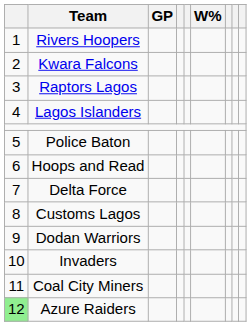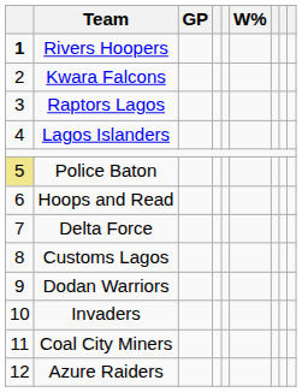 <table class="wikitable" style="text-align:center;">
 <tr>
 <th></th>
 <th>Team</th>
 <th>GP</th>
 <th></th>
 <th></th>
 <th>W%</th>
 <th></th>
 <th></th>
 <th></th>
 </tr>
 <tr>
-<td>1</td>
+<td><strong>1</strong></td>
 <td><a href='#'>Rivers Hoopers</a></td>
 <td></td>
 <td></td>
 <td></td>
 <td></td>
 <td></td>
 <td></td>
 <td></td>
 </tr>
 <tr>
 <td>2</td>
 <td><a href='#'>Kwara Falcons</a></td>
 <td></td>
 <td></td>
 <td></td>
 <td></td>
 <td></td>
 <td></td>
 <td></td>
 </tr>
 <tr>
 <td>3</td>
 <td><a href='#'>Raptors Lagos</a></td>
 <td></td>
 <td></td>
 <td></td>
 <td></td>
 <td></td>
 <td></td>
 <td></td>
 </tr>
 <tr>
 <td>4</td>
 <td><a href='#'>Lagos Islanders</a></td>
 <td></td>
 <td></td>
 <td></td>
 <td></td>
 <td></td>
 <td></td>
 <td></td>
 </tr>
 <tr>
 <td colspan="9"></td>
 </tr>
 <tr>
-<td>5</td>
+<td style="background: khaki;">5</td>
 <td>Police Baton</td>
 <td></td>
 <td></td>
 <td></td>
 <td></td>
 <td></td>
 <td></td>
 <td></td>
 </tr>
 <tr>
 <td>6</td>
 <td>Hoops and Read</td>
 <td></td>
 <td></td>
 <td></td>
 <td></td>
 <td></td>
 <td></td>
 <td></td>
 </tr>
 <tr>
 <td>7</td>
 <td>Delta Force</td>
 <td></td>
 <td></td>
 <td></td>
 <td></td>
 <td></td>
 <td></td>
 <td></td>
 </tr>
 <tr>
 <td>8</td>
 <td>Customs Lagos</td>
 <td></td>
 <td></td>
 <td></td>
 <td></td>
 <td></td>
 <td></td>
 <td></td>
 </tr>
 <tr>
 <td>9</td>
 <td>Dodan Warriors</td>
 <td></td>
 <td></td>
 <td></td>
 <td></td>
 <td></td>
 <td></td>
 <td></td>
 </tr>
 <tr>
 <td>10</td>
 <td>Invaders</td>
 <td></td>
 <td></td>
 <td></td>
 <td></td>
 <td></td>
 <td></td>
 <td></td>
 </tr>
 <tr>
 <td>11</td>
 <td>Coal City Miners</td>
 <td></td>
 <td></td>
 <td></td>
 <td></td>
 <td></td>
 <td></td>
 <td></td>
 </tr>
 <tr>
-<td style="background: lightgreen;">12</td>
+<td>12</td>
 <td>Azure Raiders</td>
 <td></td>
 <td></td>
 <td></td>
 <td></td>
 <td></td>
 <td></td>
 <td></td>
 </tr>
 </table>
